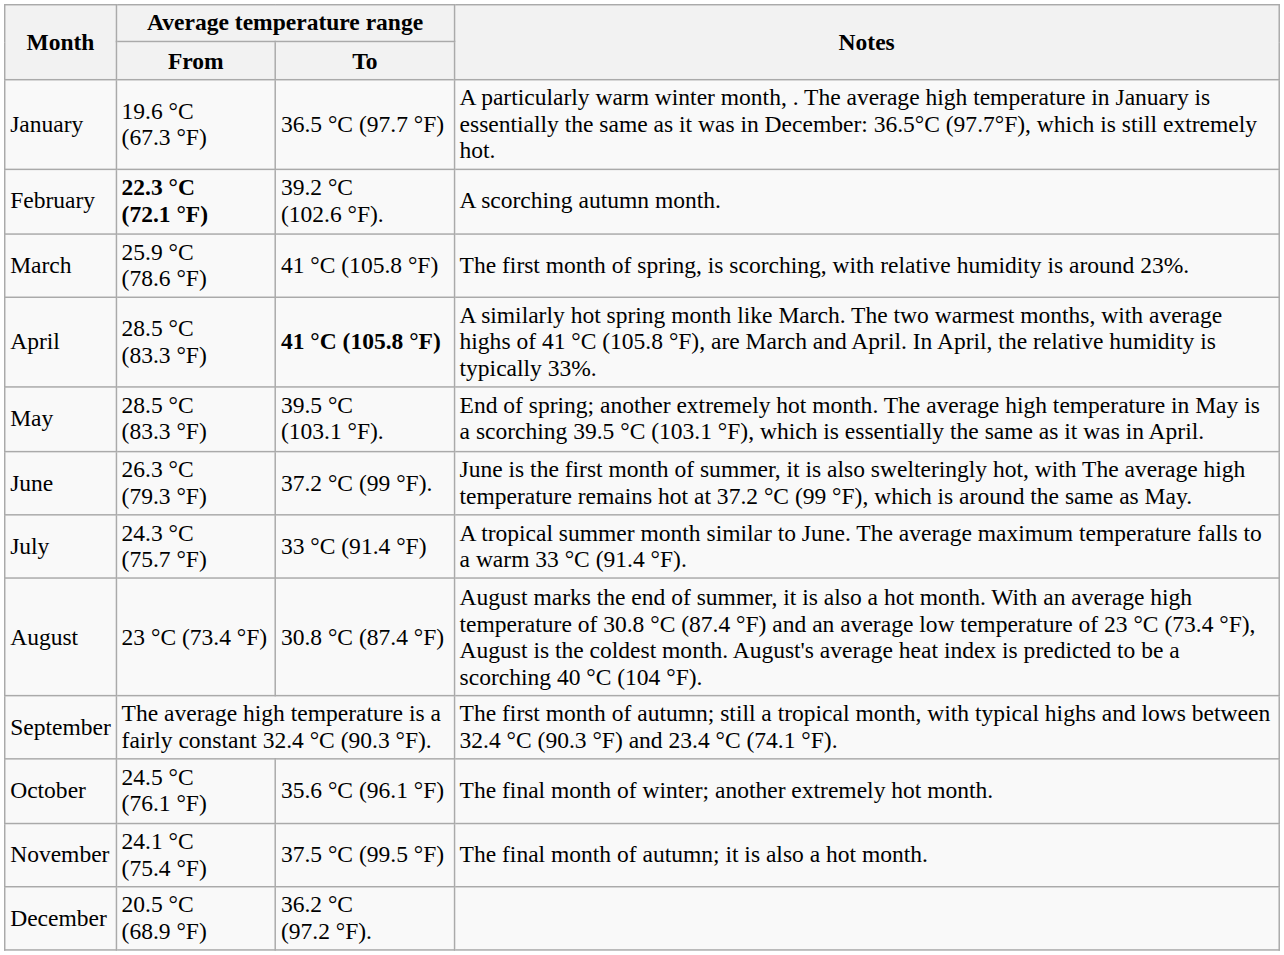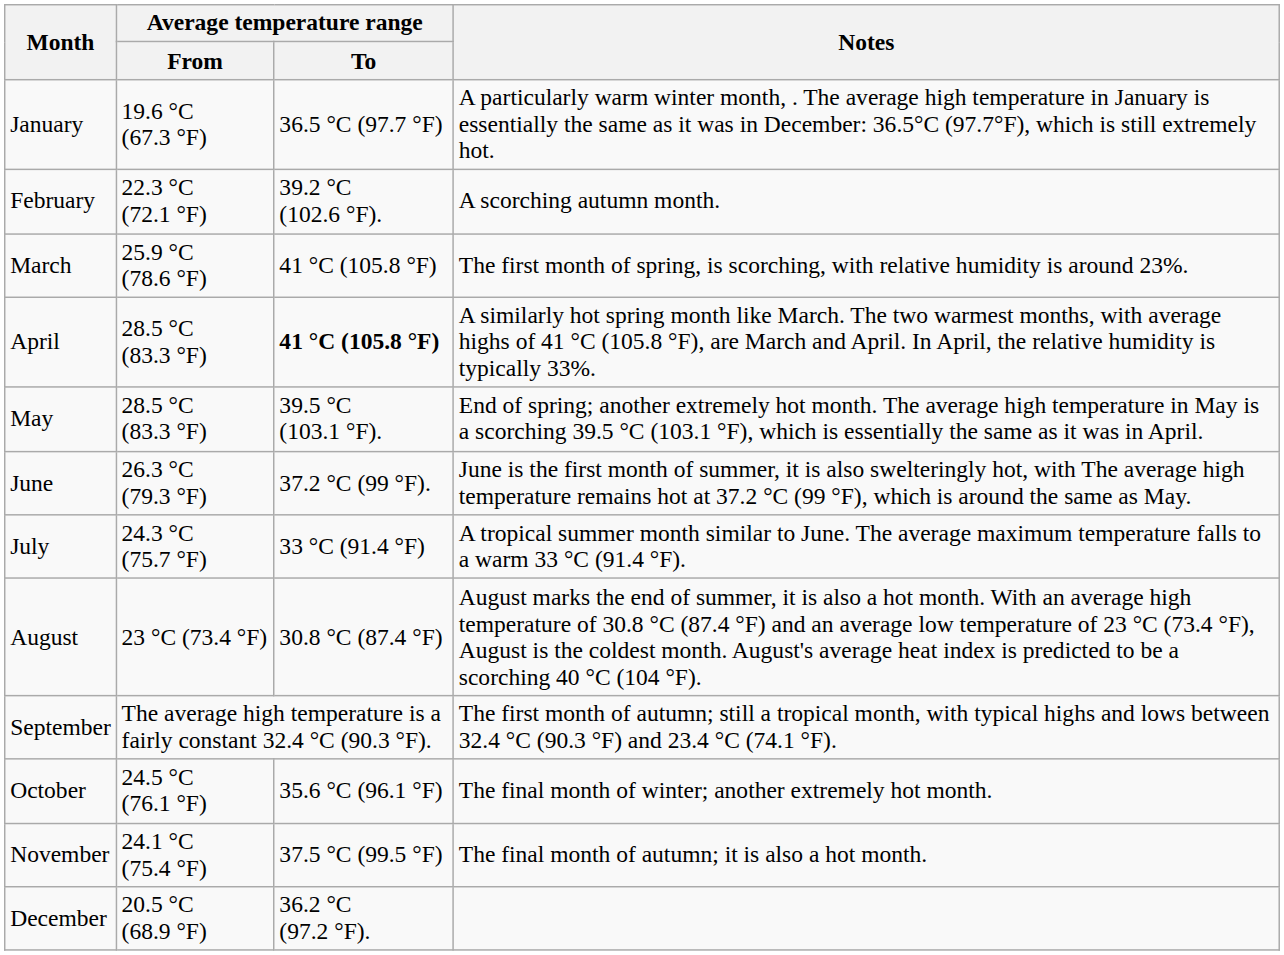 <table class="wikitable">
 <tr>
 <th rowspan=2>Month</th>
 <th colspan=2>Average temperature range</th>
 <th rowspan=2>Notes</th>
 </tr>
 <tr>
 <th>From</th>
 <th>To</th>
 </tr>
 <tr>
 <td>January</td>
 <td>19.6 °C (67.3 °F)</td>
 <td>36.5 °C (97.7 °F)</td>
 <td>A particularly warm winter month, . The average high temperature in January is essentially the same as it was in December: 36.5°C (97.7°F), which is still extremely hot.</td>
 </tr>
 <tr>
 <td>February</td>
-<td><strong>22.3 °C (72.1 °F)</strong></td>
+<td>22.3 °C (72.1 °F)</td>
 <td>39.2 °C (102.6 °F).</td>
 <td>A scorching autumn month.</td>
 </tr>
 <tr>
 <td>March</td>
 <td>25.9 °C (78.6 °F)</td>
 <td>41 °C (105.8 °F)</td>
 <td>The first month of spring, is scorching, with relative humidity is around 23%.</td>
 </tr>
 <tr>
 <td>April</td>
 <td>28.5 °C (83.3 °F)</td>
 <td><strong>41 °C (105.8 °F)</strong></td>
 <td>A similarly hot spring month like March. The two warmest months, with average highs of 41 °C (105.8 °F), are March and April. In April, the relative humidity is typically 33%.</td>
 </tr>
 <tr>
 <td>May</td>
 <td>28.5 °C (83.3 °F)</td>
 <td>39.5 °C (103.1 °F).</td>
 <td>End of spring; another extremely hot month. The average high temperature in May is a scorching 39.5 °C (103.1 °F), which is essentially the same as it was in April.</td>
 </tr>
 <tr>
 <td>June</td>
 <td>26.3 °C (79.3 °F)</td>
 <td>37.2 °C (99 °F).</td>
 <td>June is the first month of summer, it is also swelteringly hot, with  The average high temperature remains hot at 37.2 °C (99 °F), which is around the same as May.</td>
 </tr>
 <tr>
 <td>July</td>
 <td>24.3 °C (75.7 °F)</td>
 <td>33 °C (91.4 °F)</td>
 <td>A tropical summer month similar to June. The average maximum temperature falls to a warm 33 °C (91.4 °F).</td>
 </tr>
 <tr>
 <td>August</td>
 <td>23 °C (73.4 °F)</td>
 <td>30.8 °C (87.4 °F)</td>
 <td>August marks the end of summer, it is also a hot month. With an average high temperature of 30.8 °C (87.4 °F) and an average low temperature of 23 °C (73.4 °F), August is the coldest month. August's average heat index is predicted to be a scorching 40 °C (104 °F).</td>
 </tr>
 <tr>
 <td>September</td>
 <td colspan=2>The average high temperature is a fairly constant 32.4 °C (90.3 °F).</td>
 <td>The first month of autumn; still a tropical month, with typical highs and lows between 32.4 °C (90.3 °F) and 23.4 °C (74.1 °F).</td>
 </tr>
 <tr>
 <td>October</td>
 <td>24.5 °C (76.1 °F)</td>
 <td>35.6 °C (96.1 °F)</td>
 <td>The final month of winter; another extremely hot month.</td>
 </tr>
 <tr>
 <td>November</td>
 <td>24.1 °C (75.4 °F)</td>
 <td>37.5 °C (99.5 °F)</td>
 <td>The final month of autumn; it is also a hot month.</td>
 </tr>
 <tr>
 <td>December</td>
 <td>20.5 °C (68.9 °F)</td>
 <td>36.2 °C (97.2 °F).</td>
 <td></td>
 </tr>
 </table>
